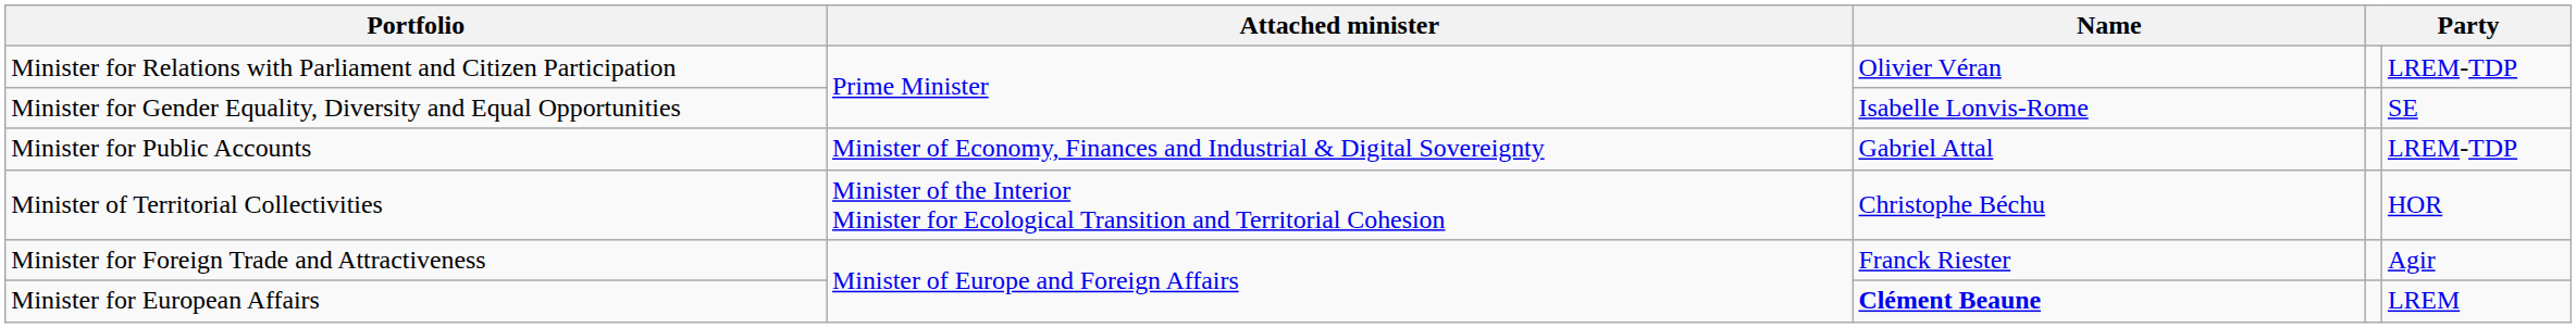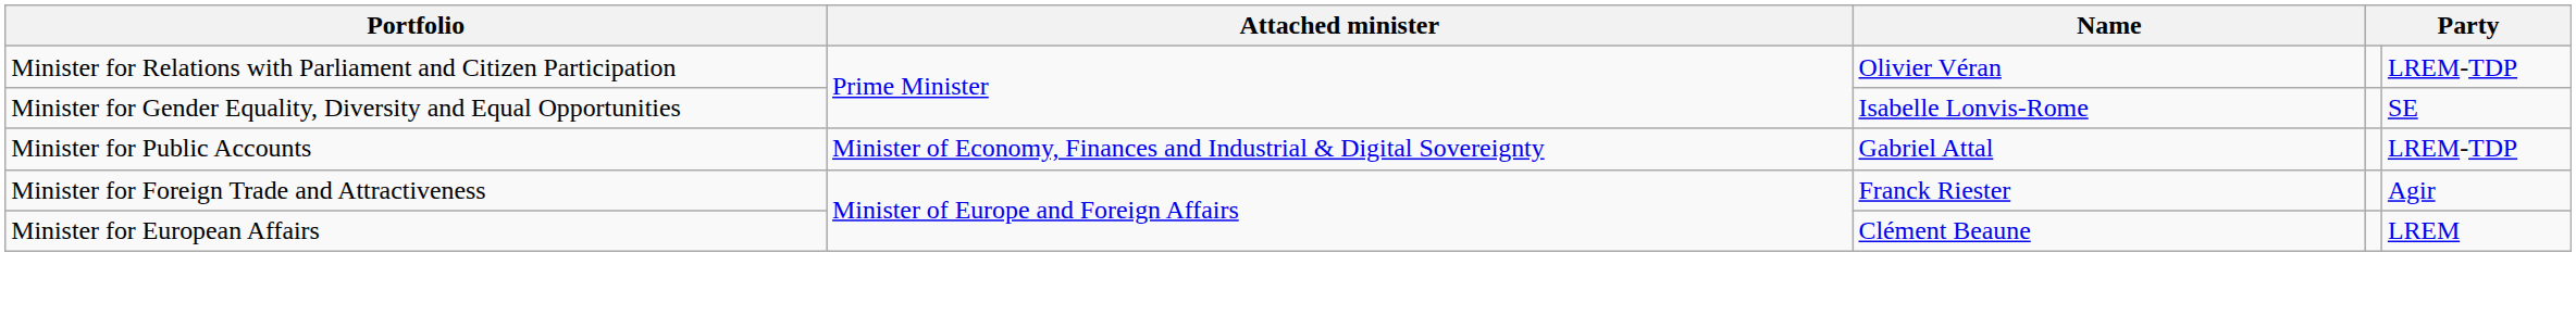 <table class="wikitable" style="width:100%">
 <tr>
 <th>Portfolio</th>
 <th style="width:40%">Attached minister</th>
 <th style="width:20%">Name</th>
 <th style="width:8%" colspan="2">Party</th>
 </tr>
 <tr>
 <td>Minister for Relations with Parliament and Citizen Participation</td>
 <td rowspan="2"><a href='#'>Prime Minister</a></td>
 <td><a href='#'>Olivier Véran</a></td>
 <td style="background:"></td>
 <td><a href='#'>LREM</a>-<a href='#'>TDP</a></td>
 </tr>
 <tr>
 <td>Minister for Gender Equality, Diversity and Equal Opportunities</td>
 <td><a href='#'>Isabelle Lonvis-Rome</a></td>
 <td style="background:"></td>
 <td><a href='#'>SE</a></td>
 </tr>
 <tr>
 <td>Minister for Public Accounts</td>
 <td><a href='#'>Minister of Economy, Finances and Industrial & Digital Sovereignty</a></td>
 <td><a href='#'>Gabriel Attal</a></td>
 <td style="background:"></td>
 <td><a href='#'>LREM</a>-<a href='#'>TDP</a></td>
 </tr>
 <tr>
-<td>Minister of Territorial Collectivities</td>
-<td><a href='#'>Minister of the Interior</a><br><a href='#'>Minister for Ecological Transition and Territorial Cohesion</a></td>
-<td><a href='#'>Christophe Béchu</a></td>
-<td style="background:"></td>
-<td><a href='#'>HOR</a></td>
-</tr>
-<tr>
 <td>Minister for Foreign Trade and Attractiveness</td>
 <td rowspan="2"><a href='#'>Minister of Europe and Foreign Affairs</a></td>
 <td><a href='#'>Franck Riester</a></td>
 <td style="background:"></td>
 <td><a href='#'>Agir</a></td>
 </tr>
 <tr>
 <td>Minister for European Affairs</td>
-<td><strong><a href='#'>Clément Beaune</a></strong></td>
+<td><a href='#'>Clément Beaune</a></td>
 <td style="background:"></td>
 <td><a href='#'>LREM</a></td>
 </tr>
 </table>
